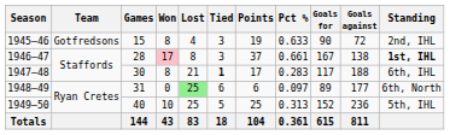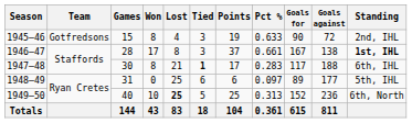 <table class="wikitable" style="text-align:center;">
 <tr>
 <th>Season</th>
 <th>Team</th>
 <th>Games</th>
 <th>Won</th>
 <th>Lost</th>
 <th>Tied</th>
 <th>Points</th>
 <th>Pct %</th>
 <th><small>Goals<br>for</small></th>
 <th><small>Goals<br>against</small></th>
 <th>Standing</th>
 </tr>
 <tr>
 <td>1945–46</td>
 <td>Gotfredsons</td>
 <td>15</td>
 <td>8</td>
 <td>4</td>
 <td>3</td>
 <td>19</td>
 <td>0.633</td>
 <td>90</td>
 <td>72</td>
 <td>2nd, IHL</td>
 </tr>
 <tr>
 <td>1946–47</td>
 <td rowspan="2">Staffords</td>
 <td>28</td>
-<td style="background: pink;">17</td>
+<td>17</td>
 <td>8</td>
 <td>3</td>
 <td>37</td>
 <td>0.661</td>
 <td>167</td>
 <td>138</td>
 <td><strong>1st, IHL</strong></td>
 </tr>
 <tr>
 <td>1947–48</td>
 <td>30</td>
 <td>8</td>
 <td>21</td>
 <td><strong>1</strong></td>
 <td>17</td>
 <td>0.283</td>
 <td>117</td>
 <td>188</td>
 <td>6th, IHL</td>
 </tr>
 <tr>
 <td>1948–49</td>
 <td rowspan="2">Ryan Cretes</td>
 <td>31</td>
 <td>0</td>
-<td style="background: lightgreen;">25</td>
+<td>25</td>
 <td>6</td>
 <td>6</td>
 <td>0.097</td>
 <td>89</td>
 <td>177</td>
-<td>6th, North</td>
+<td>5th, IHL</td>
 </tr>
 <tr>
 <td>1949–50</td>
 <td>40</td>
 <td>10</td>
-<td>25</td>
+<td><strong>25</strong></td>
 <td>5</td>
 <td>25</td>
 <td>0.313</td>
 <td>152</td>
 <td>236</td>
-<td>5th, IHL</td>
+<td>6th, North</td>
 </tr>
 <tr>
 <th>Totals</th>
 <th> </th>
 <th>144</th>
 <th>43</th>
 <th>83</th>
 <th>18</th>
 <th>104</th>
 <th>0.361</th>
 <th>615</th>
 <th>811</th>
 <th> </th>
 </tr>
 </table>
